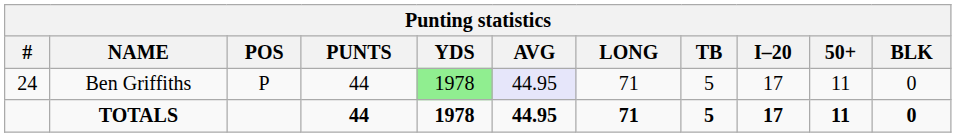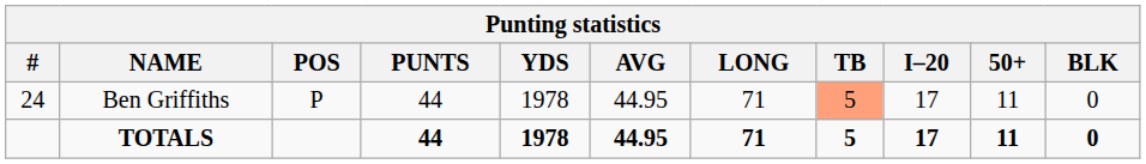 <table style="width:60%; text-align:center;" class="wikitable collapsible collapsed">
 <tr>
 <th colspan="12">Punting statistics</th>
 </tr>
 <tr>
 <th>#</th>
 <th>NAME</th>
 <th>POS</th>
 <th>PUNTS</th>
 <th>YDS</th>
 <th>AVG</th>
 <th>LONG</th>
 <th>TB</th>
 <th>I–20</th>
 <th>50+</th>
 <th>BLK</th>
 </tr>
 <tr>
 <td>24</td>
 <td>Ben Griffiths</td>
 <td>P</td>
 <td>44</td>
-<td style="background: lightgreen;">1978</td>
-<td style="background: lavender;">44.95</td>
+<td>1978</td>
+<td>44.95</td>
 <td>71</td>
-<td>5</td>
+<td style="background: lightsalmon;">5</td>
 <td>17</td>
 <td>11</td>
 <td>0</td>
 </tr>
 <tr>
 <td></td>
 <td><strong>TOTALS</strong></td>
 <td></td>
 <td><strong>44</strong></td>
 <td><strong>1978</strong></td>
 <td><strong>44.95</strong></td>
 <td><strong>71</strong></td>
 <td><strong>5</strong></td>
 <td><strong>17</strong></td>
 <td><strong>11</strong></td>
 <td><strong>0</strong></td>
 </tr>
 </table>
